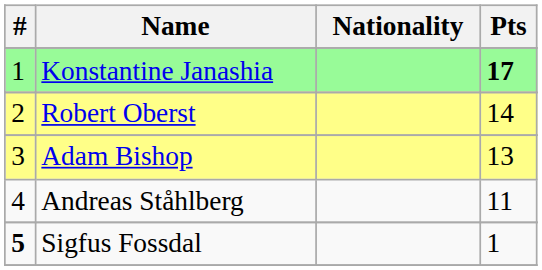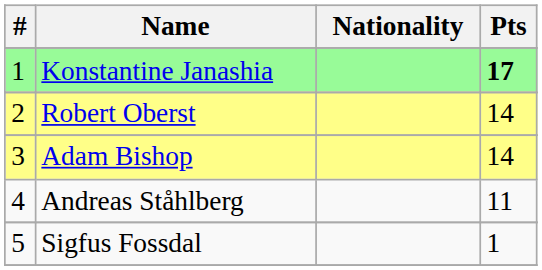 <table class="wikitable" style="display: inline-table; width: 50%;">
 <tr>
 <th>#</th>
 <th>Name</th>
 <th>Nationality</th>
 <th>Pts</th>
 </tr>
 <tr>
 </tr>
 <tr style="background:palegreen">
 <td>1</td>
 <td><a href='#'>Konstantine Janashia</a></td>
 <td></td>
 <td><strong>17</strong></td>
 </tr>
 <tr>
 </tr>
 <tr style="background:#ff8">
 <td>2</td>
 <td><a href='#'>Robert Oberst</a></td>
 <td></td>
 <td>14</td>
 </tr>
 <tr>
 </tr>
 <tr style="background:#ff8">
 <td>3</td>
 <td><a href='#'>Adam Bishop</a></td>
 <td></td>
-<td>13</td>
+<td>14</td>
 </tr>
 <tr>
 <td>4</td>
 <td>Andreas Ståhlberg</td>
 <td></td>
 <td>11</td>
 </tr>
 <tr>
 </tr>
 <tr>
-<td><strong>5</strong></td>
+<td>5</td>
 <td>Sigfus Fossdal</td>
 <td></td>
 <td>1</td>
 </tr>
 <tr>
 </tr>
 </table>
